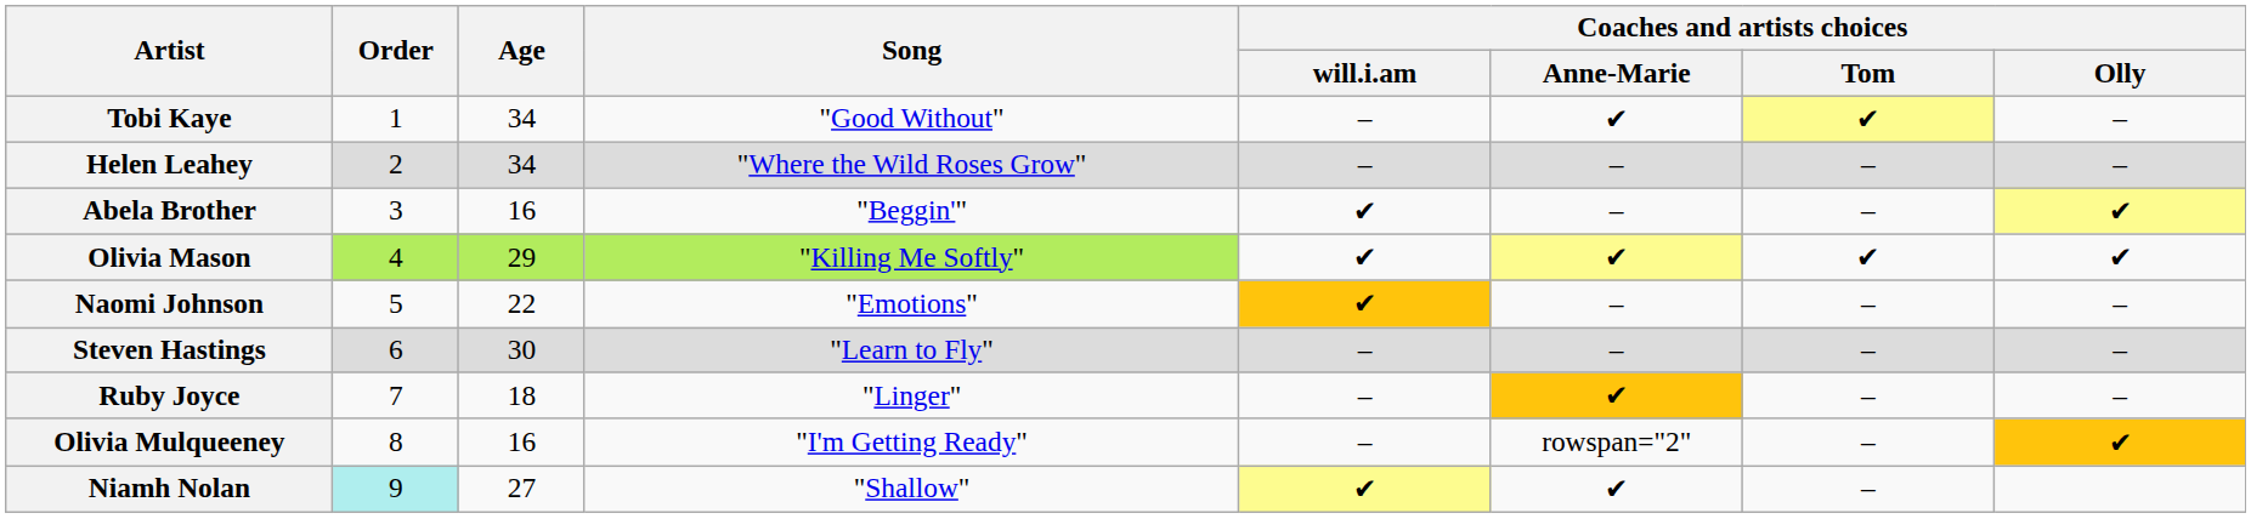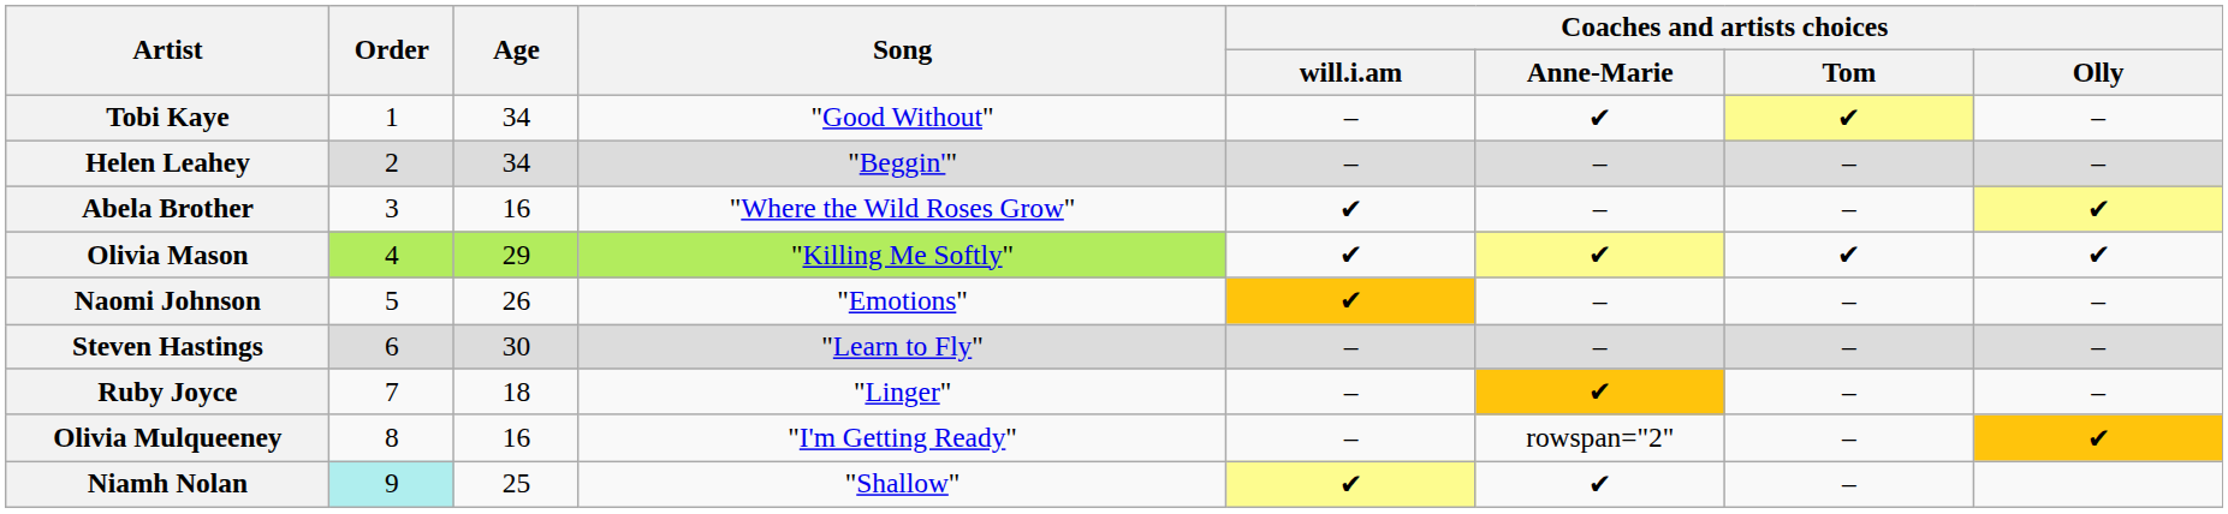 <table class="wikitable" style="text-align:center; width:100%">
 <tr>
 <th scope="col" rowspan="2" style="width:13%">Artist</th>
 <th scope="col" rowspan="2" style="width:05%">Order</th>
 <th scope="col" rowspan="2" style="width:05%">Age</th>
 <th scope="col" rowspan="2" style="width:26%">Song</th>
 <th scope="col" colspan="4" style="width:40%">Coaches and artists choices</th>
 </tr>
 <tr>
 <th style="width:10%">will.i.am</th>
 <th style="width:10%">Anne-Marie</th>
 <th style="width:10%">Tom</th>
 <th style="width:10%">Olly</th>
 </tr>
 <tr>
 <th scope="row">Tobi Kaye</th>
 <td>1</td>
 <td>34</td>
 <td>"<a href='#'>Good Without</a>"</td>
 <td>–</td>
 <td>✔</td>
 <td style="background:#fdfc8f">✔</td>
 <td>–</td>
 </tr>
 <tr style="background:#DCDCDC">
 <th scope="row">Helen Leahey</th>
 <td>2</td>
 <td>34</td>
-<td>"<a href='#'>Where the Wild Roses Grow</a>"</td>
+<td>"<a href='#'>Beggin'</a>"</td>
 <td>–</td>
 <td>–</td>
 <td>–</td>
 <td>–</td>
 </tr>
 <tr>
 <th scope="row">Abela Brother</th>
 <td>3</td>
 <td>16</td>
-<td>"<a href='#'>Beggin'</a>"</td>
+<td>"<a href='#'>Where the Wild Roses Grow</a>"</td>
 <td>✔</td>
 <td>–</td>
 <td>–</td>
 <td style="background:#fdfc8f">✔</td>
 </tr>
 <tr>
 <th scope="row">Olivia Mason</th>
 <td style="background:#B2EC5D">4</td>
 <td style="background:#B2EC5D">29</td>
 <td style="background:#B2EC5D">"<a href='#'>Killing Me Softly</a>"</td>
 <td>✔</td>
 <td style="background:#fdfc8f">✔</td>
 <td>✔</td>
 <td>✔</td>
 </tr>
 <tr>
 <th scope="row">Naomi Johnson</th>
 <td>5</td>
-<td>22</td>
+<td>26</td>
 <td>"<a href='#'>Emotions</a>"</td>
 <td style="background:#ffc40c">✔</td>
 <td>–</td>
 <td>–</td>
 <td>–</td>
 </tr>
 <tr style="background:#DCDCDC">
 <th scope="row">Steven Hastings</th>
 <td>6</td>
 <td>30</td>
 <td>"<a href='#'>Learn to Fly</a>"</td>
 <td>–</td>
 <td>–</td>
 <td>–</td>
 <td>–</td>
 </tr>
 <tr>
 <th scope="row">Ruby Joyce</th>
 <td>7</td>
 <td>18</td>
 <td>"<a href='#'>Linger</a>"</td>
 <td>–</td>
 <td style="background:#ffc40c">✔</td>
 <td>–</td>
 <td>–</td>
 </tr>
 <tr>
 <th scope="row">Olivia Mulqueeney</th>
 <td>8</td>
 <td>16</td>
 <td>"<a href='#'>I'm Getting Ready</a>"</td>
 <td>–</td>
 <td>rowspan="2" </td>
 <td>–</td>
 <td style="background:#ffc40c">✔</td>
 </tr>
 <tr>
 <th scope="row">Niamh Nolan</th>
 <td style="background: paleturquoise;">9</td>
-<td>27</td>
+<td>25</td>
 <td>"<a href='#'>Shallow</a>"</td>
 <td style="background:#fdfc8f">✔</td>
 <td>✔</td>
 <td>–</td>
 </tr>
 </table>
